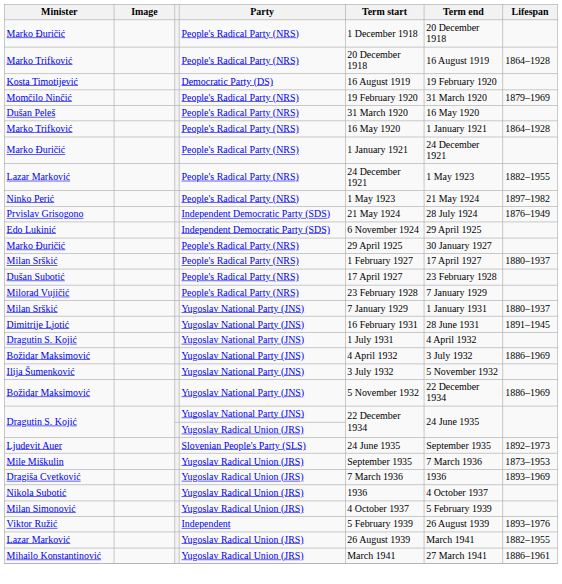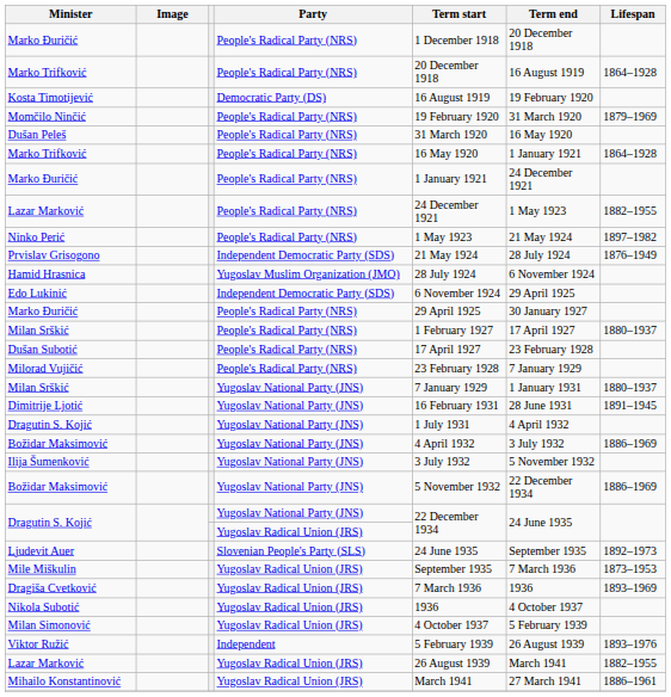 <table class="wikitable" style="text-align: left;">
 <tr>
 <th width="170">Minister</th>
 <th width="90">Image</th>
 <th></th>
 <th width="260">Party</th>
 <th width="120">Term start</th>
 <th width="120">Term end</th>
 <th width="80">Lifespan</th>
 </tr>
 <tr>
 <td><a href='#'>Marko Đuričić</a></td>
 <td></td>
 <th style="background:"></th>
 <td><a href='#'>People's Radical Party (NRS)</a></td>
 <td>1 December 1918</td>
 <td>20 December 1918</td>
 <td></td>
 </tr>
 <tr>
 <td><a href='#'>Marko Trifković</a></td>
 <td></td>
 <th style="background:"></th>
 <td><a href='#'>People's Radical Party (NRS)</a></td>
 <td>20 December 1918</td>
 <td>16 August 1919</td>
 <td>1864–1928</td>
 </tr>
 <tr>
 <td><a href='#'>Kosta Timotijević</a></td>
 <td></td>
 <th style="background:"></th>
 <td><a href='#'>Democratic Party (DS)</a></td>
 <td>16 August 1919</td>
 <td>19 February 1920</td>
 <td></td>
 </tr>
 <tr>
 <td><a href='#'>Momčilo Ninčić</a></td>
 <td></td>
 <th style="background:"></th>
 <td><a href='#'>People's Radical Party (NRS)</a></td>
 <td>19 February 1920</td>
 <td>31 March 1920</td>
 <td>1879–1969</td>
 </tr>
 <tr>
 <td><a href='#'>Dušan Peleš</a></td>
 <td></td>
 <th style="background:"></th>
 <td><a href='#'>People's Radical Party (NRS)</a></td>
 <td>31 March 1920</td>
 <td>16 May 1920</td>
 <td></td>
 </tr>
 <tr>
 <td><a href='#'>Marko Trifković</a></td>
 <td></td>
 <th style="background:"></th>
 <td><a href='#'>People's Radical Party (NRS)</a></td>
 <td>16 May 1920</td>
 <td>1 January 1921</td>
 <td>1864–1928</td>
 </tr>
 <tr>
 <td><a href='#'>Marko Đuričić</a></td>
 <td></td>
 <th style="background:"></th>
 <td><a href='#'>People's Radical Party (NRS)</a></td>
 <td>1 January 1921</td>
 <td>24 December 1921</td>
 <td></td>
 </tr>
 <tr>
 <td><a href='#'>Lazar Marković</a></td>
 <td></td>
 <th style="background:"></th>
 <td><a href='#'>People's Radical Party (NRS)</a></td>
 <td>24 December 1921</td>
 <td>1 May 1923</td>
 <td>1882–1955</td>
 </tr>
 <tr>
 <td><a href='#'>Ninko Perić</a></td>
 <td></td>
 <th style="background:"></th>
 <td><a href='#'>People's Radical Party (NRS)</a></td>
 <td>1 May 1923</td>
 <td>21 May 1924</td>
 <td>1897–1982</td>
 </tr>
 <tr>
 <td><a href='#'>Prvislav Grisogono</a></td>
 <td></td>
 <th style="background:"></th>
 <td><a href='#'>Independent Democratic Party (SDS)</a></td>
 <td>21 May 1924</td>
 <td>28 July 1924</td>
 <td>1876–1949</td>
+</tr>
+<tr>
+<td><a href='#'>Hamid Hrasnica</a></td>
+<td></td>
+<th style="background:"></th>
+<td><a href='#'>Yugoslav Muslim Organization (JMO)</a></td>
+<td>28 July 1924</td>
+<td>6 November 1924</td>
+<td></td>
 </tr>
 <tr>
 <td><a href='#'>Edo Lukinić</a></td>
 <td></td>
 <th style="background:"></th>
 <td><a href='#'>Independent Democratic Party (SDS)</a></td>
 <td>6 November 1924</td>
 <td>29 April 1925</td>
 <td></td>
 </tr>
 <tr>
 <td><a href='#'>Marko Đuričić</a></td>
 <td></td>
 <th style="background:"></th>
 <td><a href='#'>People's Radical Party (NRS)</a></td>
 <td>29 April 1925</td>
 <td>30 January 1927</td>
 <td></td>
 </tr>
 <tr>
 <td><a href='#'>Milan Srškić</a></td>
 <td></td>
 <th style="background:"></th>
 <td><a href='#'>People's Radical Party (NRS)</a></td>
 <td>1 February 1927</td>
 <td>17 April 1927</td>
 <td>1880–1937</td>
 </tr>
 <tr>
 <td><a href='#'>Dušan Subotić</a></td>
 <td></td>
 <th style="background:"></th>
 <td><a href='#'>People's Radical Party (NRS)</a></td>
 <td>17 April 1927</td>
 <td>23 February 1928</td>
 <td></td>
 </tr>
 <tr>
 <td><a href='#'>Milorad Vujičić</a></td>
 <td></td>
 <th style="background:"></th>
 <td><a href='#'>People's Radical Party (NRS)</a></td>
 <td>23 February 1928</td>
 <td>7 January 1929</td>
 <td></td>
 </tr>
 <tr>
 <td><a href='#'>Milan Srškić</a></td>
 <td></td>
 <th style="background:"></th>
 <td><a href='#'>Yugoslav National Party (JNS)</a></td>
 <td>7 January 1929</td>
 <td>1 January 1931</td>
 <td>1880–1937</td>
 </tr>
 <tr>
 <td><a href='#'>Dimitrije Ljotić</a></td>
 <td></td>
 <th style="background:"></th>
 <td><a href='#'>Yugoslav National Party (JNS)</a></td>
 <td>16 February 1931</td>
 <td>28 June 1931</td>
 <td>1891–1945</td>
 </tr>
 <tr>
 <td><a href='#'>Dragutin S. Kojić</a></td>
 <td></td>
 <th style="background:"></th>
 <td><a href='#'>Yugoslav National Party (JNS)</a></td>
 <td>1 July 1931</td>
 <td>4 April 1932</td>
 <td></td>
 </tr>
 <tr>
 <td><a href='#'>Božidar Maksimović</a></td>
 <td></td>
 <th style="background:"></th>
 <td><a href='#'>Yugoslav National Party (JNS)</a></td>
 <td>4 April 1932</td>
 <td>3 July 1932</td>
 <td>1886–1969</td>
 </tr>
 <tr>
 <td><a href='#'>Ilija Šumenković</a></td>
 <td></td>
 <th style="background:"></th>
 <td><a href='#'>Yugoslav National Party (JNS)</a></td>
 <td>3 July 1932</td>
 <td>5 November 1932</td>
 <td></td>
 </tr>
 <tr>
 <td><a href='#'>Božidar Maksimović</a></td>
 <td></td>
 <th style="background:"></th>
 <td><a href='#'>Yugoslav National Party (JNS)</a></td>
 <td>5 November 1932</td>
 <td>22 December 1934</td>
 <td>1886–1969</td>
 </tr>
 <tr>
 <td rowspan="2"><a href='#'>Dragutin S. Kojić</a></td>
 <td rowspan="2"></td>
 <th style="background:"></th>
 <td><a href='#'>Yugoslav National Party (JNS)</a></td>
 <td rowspan="2">22 December 1934</td>
 <td rowspan="2">24 June 1935</td>
 <td rowspan="2"></td>
 </tr>
 <tr>
 <th style="background:"></th>
 <td><a href='#'>Yugoslav Radical Union (JRS)</a></td>
 </tr>
 <tr>
 <td><a href='#'>Ljudevit Auer</a></td>
 <td></td>
 <th style="background:"></th>
 <td><a href='#'>Slovenian People's Party (SLS)</a></td>
 <td>24 June 1935</td>
 <td>September 1935</td>
 <td>1892–1973</td>
 </tr>
 <tr>
 <td><a href='#'>Mile Miškulin</a></td>
 <td></td>
 <th style="background:"></th>
 <td><a href='#'>Yugoslav Radical Union (JRS)</a></td>
 <td>September 1935</td>
 <td>7 March 1936</td>
 <td>1873–1953</td>
 </tr>
 <tr>
 <td><a href='#'>Dragiša Cvetković</a></td>
 <td></td>
 <th style="background:"></th>
 <td><a href='#'>Yugoslav Radical Union (JRS)</a></td>
 <td>7 March 1936</td>
 <td>1936</td>
 <td>1893–1969</td>
 </tr>
 <tr>
 <td><a href='#'>Nikola Subotić</a></td>
 <td></td>
 <th style="background:"></th>
 <td><a href='#'>Yugoslav Radical Union (JRS)</a></td>
 <td>1936</td>
 <td>4 October 1937</td>
 <td></td>
 </tr>
 <tr>
 <td><a href='#'>Milan Simonović</a></td>
 <td></td>
 <th style="background:"></th>
 <td><a href='#'>Yugoslav Radical Union (JRS)</a></td>
 <td>4 October 1937</td>
 <td>5 February 1939</td>
 <td></td>
 </tr>
 <tr>
 <td><a href='#'>Viktor Ružić</a></td>
 <td></td>
 <th style="background:"></th>
 <td><a href='#'>Independent</a></td>
 <td>5 February 1939</td>
 <td>26 August 1939</td>
 <td>1893–1976</td>
 </tr>
 <tr>
 <td><a href='#'>Lazar Marković</a></td>
 <td></td>
 <th style="background:"></th>
 <td><a href='#'>Yugoslav Radical Union (JRS)</a></td>
 <td>26 August 1939</td>
 <td>March 1941</td>
 <td>1882–1955</td>
 </tr>
 <tr>
 <td><a href='#'>Mihailo Konstantinović</a></td>
 <td></td>
 <th style="background:"></th>
 <td><a href='#'>Yugoslav Radical Union (JRS)</a></td>
 <td>March 1941</td>
 <td>27 March 1941</td>
 <td>1886–1961</td>
 </tr>
 <tr>
 </tr>
 </table>
